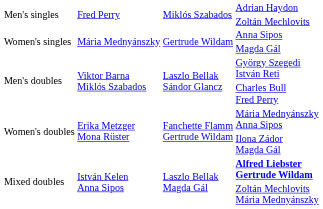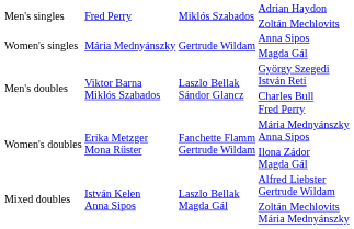 <table>
 <tr>
 <td rowspan=2>Men's singles <br></td>
 <td rowspan=2> <a href='#'>Fred Perry</a></td>
 <td rowspan=2> <a href='#'>Miklós Szabados</a></td>
 <td> <a href='#'>Adrian Haydon</a></td>
 </tr>
 <tr>
 <td> <a href='#'>Zoltán Mechlovits</a></td>
 </tr>
 <tr>
 <td rowspan=2>Women's singles <br></td>
 <td rowspan=2> <a href='#'>Mária Mednyánszky</a></td>
 <td rowspan=2> <a href='#'>Gertrude Wildam</a></td>
 <td> <a href='#'>Anna Sipos</a></td>
 </tr>
 <tr>
 <td> <a href='#'>Magda Gál</a></td>
 </tr>
 <tr>
 <td rowspan=2>Men's doubles<br></td>
 <td rowspan=2> <a href='#'>Viktor Barna</a><br> <a href='#'>Miklós Szabados</a></td>
 <td rowspan=2> <a href='#'>Laszlo Bellak</a><br> <a href='#'>Sándor Glancz</a></td>
 <td> <a href='#'>György Szegedi</a><br> <a href='#'>István Reti</a></td>
 </tr>
 <tr>
 <td> <a href='#'>Charles Bull</a><br> <a href='#'>Fred Perry</a></td>
 </tr>
 <tr>
 <td rowspan=2>Women's doubles<br></td>
 <td rowspan=2> <a href='#'>Erika Metzger</a><br> <a href='#'>Mona Rüster</a></td>
 <td rowspan=2> <a href='#'>Fanchette Flamm</a><br> <a href='#'>Gertrude Wildam</a></td>
 <td> <a href='#'>Mária Mednyánszky</a><br> <a href='#'>Anna Sipos</a></td>
 </tr>
 <tr>
 <td> <a href='#'>Ilona Zádor</a><br> <a href='#'>Magda Gál</a></td>
 </tr>
 <tr>
 <td rowspan=2>Mixed doubles<br></td>
 <td rowspan=2> <a href='#'>István Kelen</a><br> <a href='#'>Anna Sipos</a></td>
 <td rowspan=2> <a href='#'>Laszlo Bellak</a><br> <a href='#'>Magda Gál</a></td>
-<td><strong> <a href='#'>Alfred Liebster</a><br> <a href='#'>Gertrude Wildam</a></strong></td>
+<td> <a href='#'>Alfred Liebster</a><br> <a href='#'>Gertrude Wildam</a></td>
 </tr>
 <tr>
 <td> <a href='#'>Zoltán Mechlovits</a><br> <a href='#'>Mária Mednyánszky</a></td>
 </tr>
 </table>
